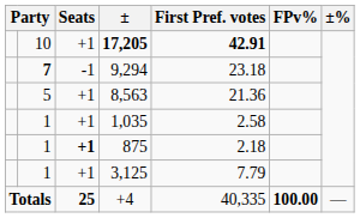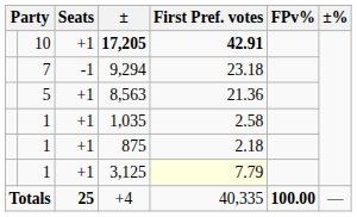 <table class=wikitable>
 <tr>
 <th colspan=2 align=center>Party</th>
 <th valign=top>Seats</th>
 <th valign=top>±</th>
 <th valign=top>First Pref. votes</th>
 <th valign=top>FPv%</th>
 <th valign=top>±%</th>
 </tr>
 <tr>
 <td></td>
 <td align=right>10</td>
 <td align=right>+1</td>
 <td align=right><strong>17,205</strong></td>
 <td align=right><strong>42.91</strong></td>
 <td align=right></td>
 </tr>
 <tr>
 <td></td>
-<td align=right><strong>7</strong></td>
+<td align=right>7</td>
 <td align=right>-1</td>
 <td align=right>9,294</td>
 <td align=right>23.18</td>
 <td align=right></td>
 </tr>
 <tr>
 <td></td>
 <td align=right>5</td>
 <td align=right>+1</td>
 <td align=right>8,563</td>
 <td align=right>21.36</td>
 <td align=right></td>
 </tr>
 <tr>
 <td></td>
 <td align=right>1</td>
 <td align=right>+1</td>
 <td align=right>1,035</td>
 <td align=right>2.58</td>
 <td align=right></td>
 </tr>
 <tr>
 <td></td>
 <td align=right>1</td>
-<td align=right><strong>+1</strong></td>
+<td align=right>+1</td>
 <td align=right>875</td>
 <td align=right>2.18</td>
 <td align=right></td>
 </tr>
 <tr>
 <td></td>
 <td align=right>1</td>
 <td align=right>+1</td>
 <td align=right>3,125</td>
-<td align=right>7.79</td>
+<td align=right style="background: lightyellow;">7.79</td>
 <td align=right></td>
 </tr>
 <tr>
 <td colspan=2 align=center><strong>Totals</strong></td>
 <td align=right><strong>25</strong></td>
 <td align=center>+4</td>
 <td align=right>40,335</td>
 <td align=center><strong>100.00</strong></td>
 <td align=center>—</td>
 </tr>
 </table>
